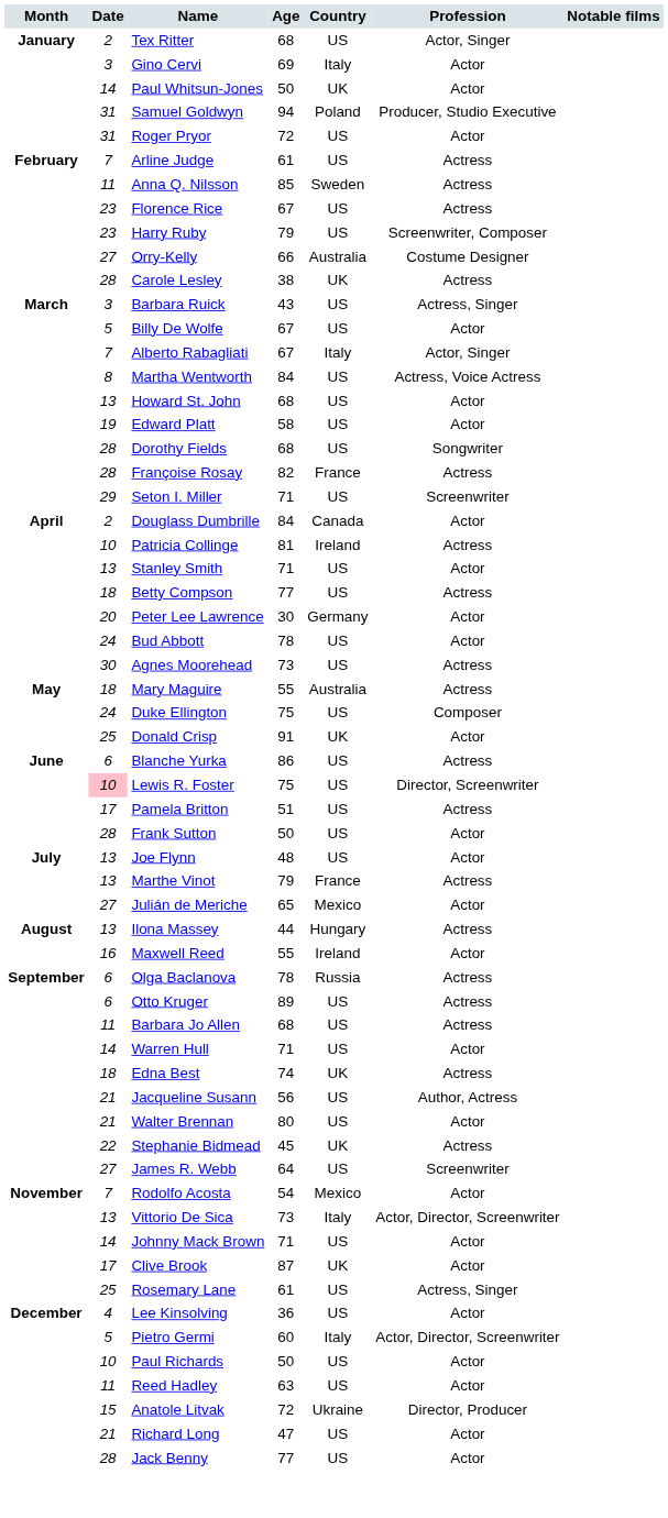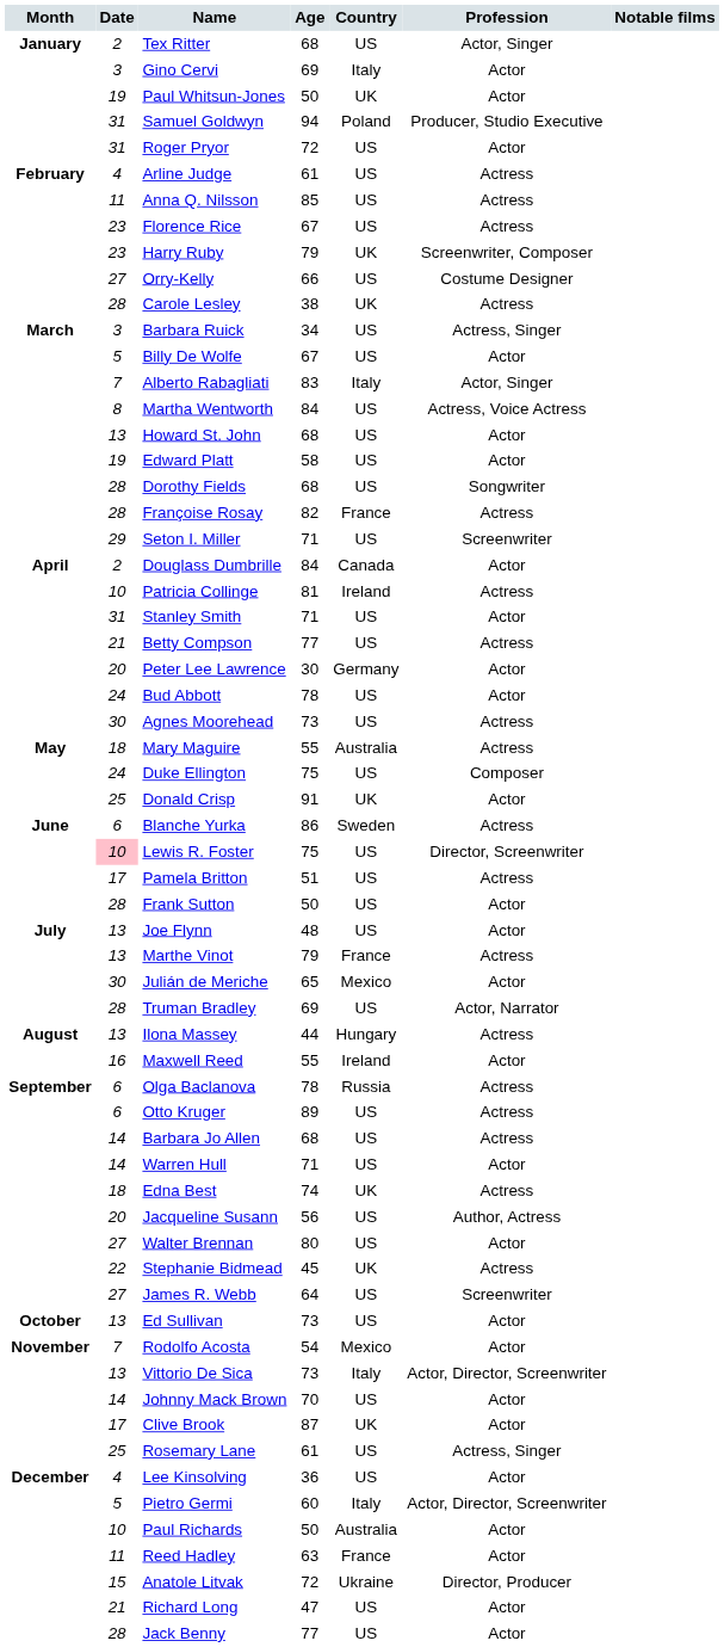 <table cellspacing="0" cellpadding="4" border="0">
 <tr style="background:#dae3e7; text-align:center;">
 <td><strong>Month</strong></td>
 <td><strong>Date</strong></td>
 <td><strong>Name</strong></td>
 <td><strong>Age</strong></td>
 <td><strong>Country</strong></td>
 <td><strong>Profession</strong></td>
 <td><strong>Notable films</strong></td>
 </tr>
 <tr valign="top">
 <td rowspan=5 style="text-align:center; vertical-align:top;"><strong>January</strong></td>
 <td style="text-align:center;"><em>2</em></td>
 <td><a href='#'>Tex Ritter</a></td>
 <td style="text-align:center;">68</td>
 <td style="text-align:center;">US</td>
 <td style="text-align:center;">Actor, Singer</td>
 <td></td>
 </tr>
 <tr>
 <td style="text-align:center;"><em>3</em></td>
 <td><a href='#'>Gino Cervi</a></td>
 <td style="text-align:center;">69</td>
 <td style="text-align:center;">Italy</td>
 <td style="text-align:center;">Actor</td>
 <td></td>
 </tr>
 <tr>
-<td style="text-align:center;"><em>14</em></td>
+<td style="text-align:center;"><em>19</em></td>
 <td><a href='#'>Paul Whitsun-Jones</a></td>
 <td style="text-align:center;">50</td>
 <td style="text-align:center;">UK</td>
 <td style="text-align:center;">Actor</td>
 <td></td>
 </tr>
 <tr>
 <td style="text-align:center;"><em>31</em></td>
 <td><a href='#'>Samuel Goldwyn</a></td>
 <td style="text-align:center;">94</td>
 <td style="text-align:center;">Poland</td>
 <td style="text-align:center;">Producer, Studio Executive</td>
 <td></td>
 </tr>
 <tr>
 <td style="text-align:center;"><em>31</em></td>
 <td><a href='#'>Roger Pryor</a></td>
 <td style="text-align:center;">72</td>
 <td style="text-align:center;">US</td>
 <td style="text-align:center;">Actor</td>
 <td></td>
 </tr>
 <tr>
 <td rowspan=6 style="text-align:center; vertical-align:top;"><strong>February</strong></td>
-<td style="text-align:center;"><em>7</em></td>
+<td style="text-align:center;"><em>4</em></td>
 <td><a href='#'>Arline Judge</a></td>
 <td style="text-align:center;">61</td>
 <td style="text-align:center;">US</td>
 <td style="text-align:center;">Actress</td>
 <td></td>
 </tr>
 <tr>
 <td style="text-align:center;"><em>11</em></td>
 <td><a href='#'>Anna Q. Nilsson</a></td>
 <td style="text-align:center;">85</td>
-<td style="text-align:center;">Sweden</td>
+<td style="text-align:center;">US</td>
 <td style="text-align:center;">Actress</td>
 <td></td>
 </tr>
 <tr>
 <td style="text-align:center;"><em>23</em></td>
 <td><a href='#'>Florence Rice</a></td>
 <td style="text-align:center;">67</td>
 <td style="text-align:center;">US</td>
 <td style="text-align:center;">Actress</td>
 <td></td>
 </tr>
 <tr>
 <td style="text-align:center;"><em>23</em></td>
 <td><a href='#'>Harry Ruby</a></td>
 <td style="text-align:center;">79</td>
-<td style="text-align:center;">US</td>
+<td style="text-align:center;">UK</td>
 <td style="text-align:center;">Screenwriter, Composer</td>
 <td></td>
 </tr>
 <tr>
 <td style="text-align:center;"><em>27</em></td>
 <td><a href='#'>Orry-Kelly</a></td>
 <td style="text-align:center;">66</td>
-<td style="text-align:center;">Australia</td>
+<td style="text-align:center;">US</td>
 <td style="text-align:center;">Costume Designer</td>
 <td></td>
 </tr>
 <tr>
 <td style="text-align:center;"><em>28</em></td>
 <td><a href='#'>Carole Lesley</a></td>
 <td style="text-align:center;">38</td>
 <td style="text-align:center;">UK</td>
 <td style="text-align:center;">Actress</td>
 <td></td>
 </tr>
 <tr>
 <td rowspan=9 style="text-align:center; vertical-align:top;"><strong>March</strong></td>
 <td style="text-align:center;"><em>3</em></td>
 <td><a href='#'>Barbara Ruick</a></td>
-<td style="text-align:center;">43</td>
+<td style="text-align:center;">34</td>
 <td style="text-align:center;">US</td>
 <td style="text-align:center;">Actress, Singer</td>
 <td></td>
 </tr>
 <tr>
 <td style="text-align:center;"><em>5</em></td>
 <td><a href='#'>Billy De Wolfe</a></td>
 <td style="text-align:center;">67</td>
 <td style="text-align:center;">US</td>
 <td style="text-align:center;">Actor</td>
 <td></td>
 </tr>
 <tr>
 <td style="text-align:center;"><em>7</em></td>
 <td><a href='#'>Alberto Rabagliati</a></td>
-<td style="text-align:center;">67</td>
+<td style="text-align:center;">83</td>
 <td style="text-align:center;">Italy</td>
 <td style="text-align:center;">Actor, Singer</td>
 <td></td>
 </tr>
 <tr>
 <td style="text-align:center;"><em>8</em></td>
 <td><a href='#'>Martha Wentworth</a></td>
 <td style="text-align:center;">84</td>
 <td style="text-align:center;">US</td>
 <td style="text-align:center;">Actress, Voice Actress</td>
 <td></td>
 </tr>
 <tr>
 <td style="text-align:center;"><em>13</em></td>
 <td><a href='#'>Howard St. John</a></td>
 <td style="text-align:center;">68</td>
 <td style="text-align:center;">US</td>
 <td style="text-align:center;">Actor</td>
 <td></td>
 </tr>
 <tr>
 <td style="text-align:center;"><em>19</em></td>
 <td><a href='#'>Edward Platt</a></td>
 <td style="text-align:center;">58</td>
 <td style="text-align:center;">US</td>
 <td style="text-align:center;">Actor</td>
 <td></td>
 </tr>
 <tr>
 <td style="text-align:center;"><em>28</em></td>
 <td><a href='#'>Dorothy Fields</a></td>
 <td style="text-align:center;">68</td>
 <td style="text-align:center;">US</td>
 <td style="text-align:center;">Songwriter</td>
 <td></td>
 </tr>
 <tr>
 <td style="text-align:center;"><em>28</em></td>
 <td><a href='#'>Françoise Rosay</a></td>
 <td style="text-align:center;">82</td>
 <td style="text-align:center;">France</td>
 <td style="text-align:center;">Actress</td>
 <td></td>
 </tr>
 <tr>
 <td style="text-align:center;"><em>29</em></td>
 <td><a href='#'>Seton I. Miller</a></td>
 <td style="text-align:center;">71</td>
 <td style="text-align:center;">US</td>
 <td style="text-align:center;">Screenwriter</td>
 <td></td>
 </tr>
 <tr>
 <td rowspan=7 style="text-align:center; vertical-align:top;"><strong>April</strong></td>
 <td style="text-align:center;"><em>2</em></td>
 <td><a href='#'>Douglass Dumbrille</a></td>
 <td style="text-align:center;">84</td>
 <td style="text-align:center;">Canada</td>
 <td style="text-align:center;">Actor</td>
 <td></td>
 </tr>
 <tr>
 <td style="text-align:center;"><em>10</em></td>
 <td><a href='#'>Patricia Collinge</a></td>
 <td style="text-align:center;">81</td>
 <td style="text-align:center;">Ireland</td>
 <td style="text-align:center;">Actress</td>
 <td></td>
 </tr>
 <tr>
-<td style="text-align:center;"><em>13</em></td>
+<td style="text-align:center;"><em>31</em></td>
 <td><a href='#'>Stanley Smith</a></td>
 <td style="text-align:center;">71</td>
 <td style="text-align:center;">US</td>
 <td style="text-align:center;">Actor</td>
 <td></td>
 </tr>
 <tr>
-<td style="text-align:center;"><em>18</em></td>
+<td style="text-align:center;"><em>21</em></td>
 <td><a href='#'>Betty Compson</a></td>
 <td style="text-align:center;">77</td>
 <td style="text-align:center;">US</td>
 <td style="text-align:center;">Actress</td>
 <td></td>
 </tr>
 <tr>
 <td style="text-align:center;"><em>20</em></td>
 <td><a href='#'>Peter Lee Lawrence</a></td>
 <td style="text-align:center;">30</td>
 <td style="text-align:center;">Germany</td>
 <td style="text-align:center;">Actor</td>
 <td></td>
 </tr>
 <tr>
 <td style="text-align:center;"><em>24</em></td>
 <td><a href='#'>Bud Abbott</a></td>
 <td style="text-align:center;">78</td>
 <td style="text-align:center;">US</td>
 <td style="text-align:center;">Actor</td>
 <td></td>
 </tr>
 <tr>
 <td style="text-align:center;"><em>30</em></td>
 <td><a href='#'>Agnes Moorehead</a></td>
 <td style="text-align:center;">73</td>
 <td style="text-align:center;">US</td>
 <td style="text-align:center;">Actress</td>
 <td></td>
 </tr>
 <tr>
 <td rowspan=3 style="text-align:center; vertical-align:top;"><strong>May</strong></td>
 <td style="text-align:center;"><em>18</em></td>
 <td><a href='#'>Mary Maguire</a></td>
 <td style="text-align:center;">55</td>
 <td style="text-align:center;">Australia</td>
 <td style="text-align:center;">Actress</td>
 <td></td>
 </tr>
 <tr>
 <td style="text-align:center;"><em>24</em></td>
 <td><a href='#'>Duke Ellington</a></td>
 <td style="text-align:center;">75</td>
 <td style="text-align:center;">US</td>
 <td style="text-align:center;">Composer</td>
 <td></td>
 </tr>
 <tr>
 <td style="text-align:center;"><em>25</em></td>
 <td><a href='#'>Donald Crisp</a></td>
 <td style="text-align:center;">91</td>
 <td style="text-align:center;">UK</td>
 <td style="text-align:center;">Actor</td>
 <td></td>
 </tr>
 <tr>
 <td rowspan=4 style="text-align:center; vertical-align:top;"><strong>June</strong></td>
 <td style="text-align:center;"><em>6</em></td>
 <td><a href='#'>Blanche Yurka</a></td>
 <td style="text-align:center;">86</td>
-<td style="text-align:center;">US</td>
+<td style="text-align:center;">Sweden</td>
 <td style="text-align:center;">Actress</td>
 <td></td>
 </tr>
 <tr>
 <td style="background: pink; text-align:center;"><em>10</em></td>
 <td><a href='#'>Lewis R. Foster</a></td>
 <td style="text-align:center;">75</td>
 <td style="text-align:center;">US</td>
 <td style="text-align:center;">Director, Screenwriter</td>
 <td></td>
 </tr>
 <tr>
 <td style="text-align:center;"><em>17</em></td>
 <td><a href='#'>Pamela Britton</a></td>
 <td style="text-align:center;">51</td>
 <td style="text-align:center;">US</td>
 <td style="text-align:center;">Actress</td>
 <td></td>
 </tr>
 <tr>
 <td style="text-align:center;"><em>28</em></td>
 <td><a href='#'>Frank Sutton</a></td>
 <td style="text-align:center;">50</td>
 <td style="text-align:center;">US</td>
 <td style="text-align:center;">Actor</td>
 <td></td>
 </tr>
 <tr>
 <td rowspan=3 style="text-align:center; vertical-align:top;"><strong>July</strong></td>
 <td style="text-align:center;"><em>13</em></td>
 <td><a href='#'>Joe Flynn</a></td>
 <td style="text-align:center;">48</td>
 <td style="text-align:center;">US</td>
 <td style="text-align:center;">Actor</td>
 <td></td>
 </tr>
 <tr>
 <td style="text-align:center;"><em>13</em></td>
 <td><a href='#'>Marthe Vinot</a></td>
 <td style="text-align:center;">79</td>
 <td style="text-align:center;">France</td>
 <td style="text-align:center;">Actress</td>
 <td></td>
 </tr>
 <tr>
-<td style="text-align:center;"><em>27</em></td>
+<td style="text-align:center;"><em>30</em></td>
 <td><a href='#'>Julián de Meriche</a></td>
 <td style="text-align:center;">65</td>
 <td style="text-align:center;">Mexico</td>
 <td style="text-align:center;">Actor</td>
+<td></td>
+</tr>
+<tr>
+<td></td>
+<td style="text-align:center;"><em>28</em></td>
+<td><a href='#'>Truman Bradley</a></td>
+<td style="text-align:center;">69</td>
+<td style="text-align:center;">US</td>
+<td style="text-align:center;">Actor, Narrator</td>
 <td></td>
 </tr>
 <tr>
 <td rowspan=2 style="text-align:center; vertical-align:top;"><strong>August</strong></td>
 <td style="text-align:center;"><em>13</em></td>
 <td><a href='#'>Ilona Massey</a></td>
 <td style="text-align:center;">44</td>
 <td style="text-align:center;">Hungary</td>
 <td style="text-align:center;">Actress</td>
 <td></td>
 </tr>
 <tr>
 <td style="text-align:center;"><em>16</em></td>
 <td><a href='#'>Maxwell Reed</a></td>
 <td style="text-align:center;">55</td>
 <td style="text-align:center;">Ireland</td>
 <td style="text-align:center;">Actor</td>
 <td></td>
 </tr>
 <tr>
 <td rowspan=9 style="text-align:center; vertical-align:top;"><strong>September</strong></td>
 <td style="text-align:center;"><em>6</em></td>
 <td><a href='#'>Olga Baclanova</a></td>
 <td style="text-align:center;">78</td>
 <td style="text-align:center;">Russia</td>
 <td style="text-align:center;">Actress</td>
 <td></td>
 </tr>
 <tr>
 <td style="text-align:center;"><em>6</em></td>
 <td><a href='#'>Otto Kruger</a></td>
 <td style="text-align:center;">89</td>
 <td style="text-align:center;">US</td>
 <td style="text-align:center;">Actress</td>
 <td></td>
 </tr>
 <tr>
-<td style="text-align:center;"><em>11</em></td>
+<td style="text-align:center;"><em>14</em></td>
 <td><a href='#'>Barbara Jo Allen</a></td>
 <td style="text-align:center;">68</td>
 <td style="text-align:center;">US</td>
 <td style="text-align:center;">Actress</td>
 <td></td>
 </tr>
 <tr>
 <td style="text-align:center;"><em>14</em></td>
 <td><a href='#'>Warren Hull</a></td>
 <td style="text-align:center;">71</td>
 <td style="text-align:center;">US</td>
 <td style="text-align:center;">Actor</td>
 <td></td>
 </tr>
 <tr>
 <td style="text-align:center;"><em>18</em></td>
 <td><a href='#'>Edna Best</a></td>
 <td style="text-align:center;">74</td>
 <td style="text-align:center;">UK</td>
 <td style="text-align:center;">Actress</td>
 <td></td>
 </tr>
 <tr>
-<td style="text-align:center;"><em>21</em></td>
+<td style="text-align:center;"><em>20</em></td>
 <td><a href='#'>Jacqueline Susann</a></td>
 <td style="text-align:center;">56</td>
 <td style="text-align:center;">US</td>
 <td style="text-align:center;">Author, Actress</td>
 <td></td>
 </tr>
 <tr>
-<td style="text-align:center;"><em>21</em></td>
+<td style="text-align:center;"><em>27</em></td>
 <td><a href='#'>Walter Brennan</a></td>
 <td style="text-align:center;">80</td>
 <td style="text-align:center;">US</td>
 <td style="text-align:center;">Actor</td>
 <td></td>
 </tr>
 <tr>
 <td style="text-align:center;"><em>22</em></td>
 <td><a href='#'>Stephanie Bidmead</a></td>
 <td style="text-align:center;">45</td>
 <td style="text-align:center;">UK</td>
 <td style="text-align:center;">Actress</td>
 <td></td>
 </tr>
 <tr>
 <td style="text-align:center;"><em>27</em></td>
 <td><a href='#'>James R. Webb</a></td>
 <td style="text-align:center;">64</td>
 <td style="text-align:center;">US</td>
 <td style="text-align:center;">Screenwriter</td>
 <td></td>
 </tr>
 <tr>
+<td rowspan=1 style="text-align:center; vertical-align:top;"><strong>October</strong></td>
+<td style="text-align:center;"><em>13</em></td>
+<td><a href='#'>Ed Sullivan</a></td>
+<td style="text-align:center;">73</td>
+<td style="text-align:center;">US</td>
+<td style="text-align:center;">Actor</td>
+<td></td>
+</tr>
+<tr>
 <td rowspan=5 style="text-align:center; vertical-align:top;"><strong>November</strong></td>
 <td style="text-align:center;"><em>7</em></td>
 <td><a href='#'>Rodolfo Acosta</a></td>
 <td style="text-align:center;">54</td>
 <td style="text-align:center;">Mexico</td>
 <td style="text-align:center;">Actor</td>
 <td></td>
 </tr>
 <tr>
 <td style="text-align:center;"><em>13</em></td>
 <td><a href='#'>Vittorio De Sica</a></td>
 <td style="text-align:center;">73</td>
 <td style="text-align:center;">Italy</td>
 <td style="text-align:center;">Actor, Director, Screenwriter</td>
 <td></td>
 </tr>
 <tr>
 <td style="text-align:center;"><em>14</em></td>
 <td><a href='#'>Johnny Mack Brown</a></td>
-<td style="text-align:center;">71</td>
+<td style="text-align:center;">70</td>
 <td style="text-align:center;">US</td>
 <td style="text-align:center;">Actor</td>
 <td></td>
 </tr>
 <tr>
 <td style="text-align:center;"><em>17</em></td>
 <td><a href='#'>Clive Brook</a></td>
 <td style="text-align:center;">87</td>
 <td style="text-align:center;">UK</td>
 <td style="text-align:center;">Actor</td>
 <td></td>
 </tr>
 <tr>
 <td style="text-align:center;"><em>25</em></td>
 <td><a href='#'>Rosemary Lane</a></td>
 <td style="text-align:center;">61</td>
 <td style="text-align:center;">US</td>
 <td style="text-align:center;">Actress, Singer</td>
 <td></td>
 </tr>
 <tr>
 <td rowspan=7 style="text-align:center; vertical-align:top;"><strong>December</strong></td>
 <td style="text-align:center;"><em>4</em></td>
 <td><a href='#'>Lee Kinsolving</a></td>
 <td style="text-align:center;">36</td>
 <td style="text-align:center;">US</td>
 <td style="text-align:center;">Actor</td>
 <td></td>
 </tr>
 <tr>
 <td style="text-align:center;"><em>5</em></td>
 <td><a href='#'>Pietro Germi</a></td>
 <td style="text-align:center;">60</td>
 <td style="text-align:center;">Italy</td>
 <td style="text-align:center;">Actor, Director, Screenwriter</td>
 <td></td>
 </tr>
 <tr>
 <td style="text-align:center;"><em>10</em></td>
 <td><a href='#'>Paul Richards</a></td>
 <td style="text-align:center;">50</td>
-<td style="text-align:center;">US</td>
+<td style="text-align:center;">Australia</td>
 <td style="text-align:center;">Actor</td>
 <td></td>
 </tr>
 <tr>
 <td style="text-align:center;"><em>11</em></td>
 <td><a href='#'>Reed Hadley</a></td>
 <td style="text-align:center;">63</td>
-<td style="text-align:center;">US</td>
+<td style="text-align:center;">France</td>
 <td style="text-align:center;">Actor</td>
 <td></td>
 </tr>
 <tr>
 <td style="text-align:center;"><em>15</em></td>
 <td><a href='#'>Anatole Litvak</a></td>
 <td style="text-align:center;">72</td>
 <td style="text-align:center;">Ukraine</td>
 <td style="text-align:center;">Director, Producer</td>
 <td></td>
 </tr>
 <tr>
 <td style="text-align:center;"><em>21</em></td>
 <td><a href='#'>Richard Long</a></td>
 <td style="text-align:center;">47</td>
 <td style="text-align:center;">US</td>
 <td style="text-align:center;">Actor</td>
 <td></td>
 </tr>
 <tr>
 <td style="text-align:center;"><em>28</em></td>
 <td><a href='#'>Jack Benny</a></td>
 <td style="text-align:center;">77</td>
 <td style="text-align:center;">US</td>
 <td style="text-align:center;">Actor</td>
 <td></td>
 </tr>
 <tr>
 </tr>
 </table>
